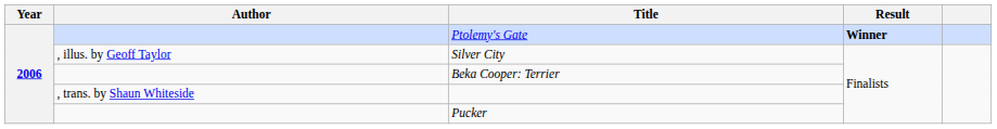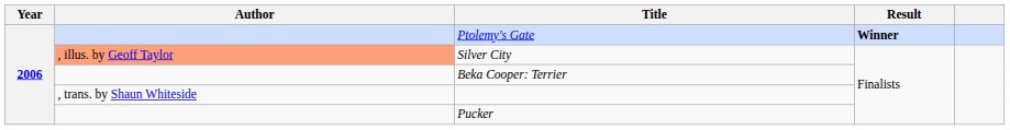 <table class="wikitable sortable mw-collapsible" width="100%">
 <tr>
 <th scope=col width="5%">Year</th>
 <th scope=col width="40%">Author</th>
 <th scope=col width="40%">Title</th>
 <th scope=col width="10%">Result</th>
 <th scope=col width="5%" class="unsortable"></th>
 </tr>
 <tr style="background:#cddeff">
 <th scope=row rowspan="5"><a href='#'>2006</a></th>
 <td></td>
 <td><em><a href='#'>Ptolemy's Gate</a></em></td>
 <td><strong>Winner</strong></td>
 <td></td>
 </tr>
 <tr>
-<td>, illus. by <a href='#'>Geoff Taylor</a></td>
+<td style="background: lightsalmon;">, illus. by <a href='#'>Geoff Taylor</a></td>
 <td><em>Silver City</em></td>
 <td rowspan="4">Finalists</td>
 <td rowspan="4"></td>
 </tr>
 <tr>
 <td></td>
 <td><em>Beka Cooper: Terrier</em></td>
 </tr>
 <tr>
 <td>, trans. by <a href='#'>Shaun Whiteside</a></td>
 <td></td>
 </tr>
 <tr>
 <td></td>
 <td><em>Pucker</em></td>
 </tr>
 </table>
